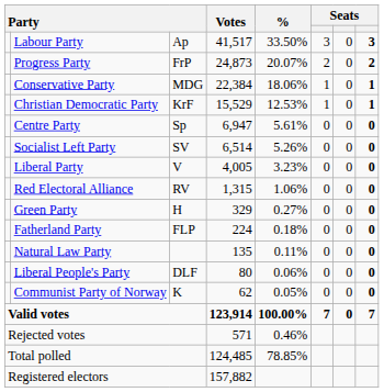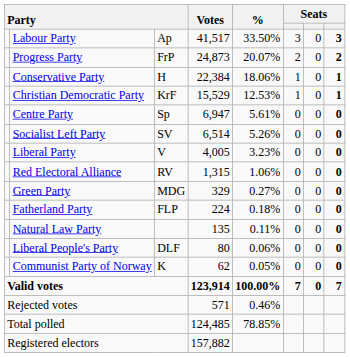 <table class="wikitable" border="1" style="text-align:right;">
 <tr>
 <th style="text-align:left;" valign=bottom rowspan=2 colspan=3>Party</th>
 <th align=center valign=bottom rowspan=2 width="50">Votes</th>
 <th align=center valign=bottom rowspan=2 width="50">%</th>
 <th colspan=3>Seats</th>
 </tr>
 <tr>
 <th align=center valign=bottom width="20"><small></small></th>
 <th align=center valign=bottom width="20"><small><a href='#'></a></small></th>
 <th align=center valign=bottom width="20"><small></small></th>
 </tr>
 <tr>
 <td style="color:inherit;background:"></td>
 <td align=left><a href='#'>Labour Party</a></td>
 <td align=left>Ap</td>
 <td>41,517</td>
 <td>33.50%</td>
 <td>3</td>
 <td>0</td>
 <td><strong>3</strong></td>
 </tr>
 <tr>
 <td style="color:inherit;background:"></td>
 <td align=left><a href='#'>Progress Party</a></td>
 <td align=left>FrP</td>
 <td>24,873</td>
 <td>20.07%</td>
 <td>2</td>
 <td>0</td>
 <td><strong>2</strong></td>
 </tr>
 <tr>
 <td style="color:inherit;background:"></td>
 <td align=left><a href='#'>Conservative Party</a></td>
-<td align=left>MDG</td>
+<td align=left>H</td>
 <td>22,384</td>
 <td>18.06%</td>
 <td>1</td>
 <td>0</td>
 <td><strong>1</strong></td>
 </tr>
 <tr>
 <td style="color:inherit;background:"></td>
 <td align=left><a href='#'>Christian Democratic Party</a></td>
 <td align=left>KrF</td>
 <td>15,529</td>
 <td>12.53%</td>
 <td>1</td>
 <td>0</td>
 <td><strong>1</strong></td>
 </tr>
 <tr>
 <td style="color:inherit;background:"></td>
 <td align=left><a href='#'>Centre Party</a></td>
 <td align=left>Sp</td>
 <td>6,947</td>
 <td>5.61%</td>
 <td>0</td>
 <td>0</td>
 <td><strong>0</strong></td>
 </tr>
 <tr>
 <td style="color:inherit;background:"></td>
 <td align=left><a href='#'>Socialist Left Party</a></td>
 <td align=left>SV</td>
 <td>6,514</td>
 <td>5.26%</td>
 <td>0</td>
 <td>0</td>
 <td><strong>0</strong></td>
 </tr>
 <tr>
 <td style="color:inherit;background:"></td>
 <td align=left><a href='#'>Liberal Party</a></td>
 <td align=left>V</td>
 <td>4,005</td>
 <td>3.23%</td>
 <td>0</td>
 <td>0</td>
 <td><strong>0</strong></td>
 </tr>
 <tr>
 <td style="color:inherit;background:"></td>
 <td align=left><a href='#'>Red Electoral Alliance</a></td>
 <td align=left>RV</td>
 <td>1,315</td>
 <td>1.06%</td>
 <td>0</td>
 <td>0</td>
 <td><strong>0</strong></td>
 </tr>
 <tr>
 <td style="color:inherit;background:"></td>
 <td align=left><a href='#'>Green Party</a></td>
-<td align=left>H</td>
+<td align=left>MDG</td>
 <td>329</td>
 <td>0.27%</td>
 <td>0</td>
 <td>0</td>
 <td><strong>0</strong></td>
 </tr>
 <tr>
 <td style="color:inherit;background:"></td>
 <td align=left><a href='#'>Fatherland Party</a></td>
 <td align=left>FLP</td>
 <td>224</td>
 <td>0.18%</td>
 <td>0</td>
 <td>0</td>
 <td><strong>0</strong></td>
 </tr>
 <tr>
 <td></td>
 <td align=left><a href='#'>Natural Law Party</a></td>
 <td align=left></td>
 <td>135</td>
 <td>0.11%</td>
 <td>0</td>
 <td>0</td>
 <td><strong>0</strong></td>
 </tr>
 <tr>
 <td style="color:inherit;background:"></td>
 <td align=left><a href='#'>Liberal People's Party</a></td>
 <td align=left>DLF</td>
 <td>80</td>
 <td>0.06%</td>
 <td>0</td>
 <td>0</td>
 <td><strong>0</strong></td>
 </tr>
 <tr>
 <td style="color:inherit;background:"></td>
 <td align=left><a href='#'>Communist Party of Norway</a></td>
 <td align=left>K</td>
 <td>62</td>
 <td>0.05%</td>
 <td>0</td>
 <td>0</td>
 <td><strong>0</strong></td>
 </tr>
 <tr style="font-weight:bold">
 <td align=left colspan=3>Valid votes</td>
 <td>123,914</td>
 <td>100.00%</td>
 <td>7</td>
 <td>0</td>
 <td>7</td>
 </tr>
 <tr>
 <td align=left colspan=3>Rejected votes</td>
 <td>571</td>
 <td>0.46%</td>
 <td></td>
 <td></td>
 <td></td>
 </tr>
 <tr>
 <td align=left colspan=3>Total polled</td>
 <td>124,485</td>
 <td>78.85%</td>
 <td></td>
 <td></td>
 <td></td>
 </tr>
 <tr>
 <td align=left colspan=3>Registered electors</td>
 <td>157,882</td>
 <td></td>
 <td></td>
 <td></td>
 <td></td>
 </tr>
 </table>
